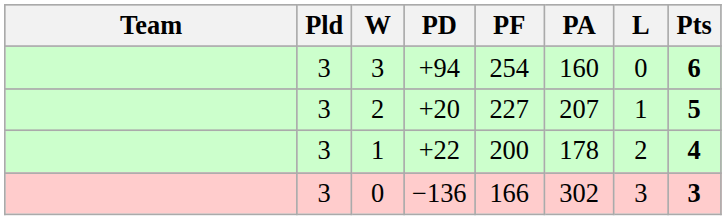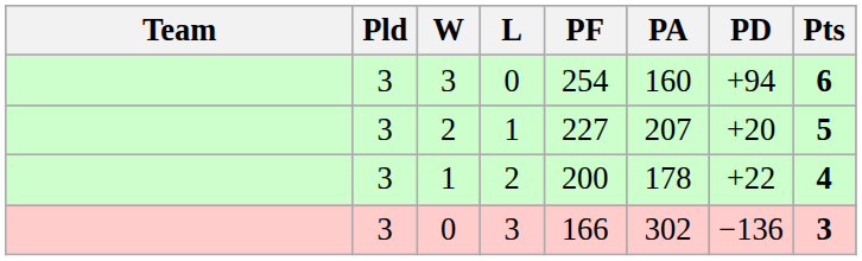 <table class="wikitable" style="text-align:center;">
 <tr>
 <th width=170>Team</th>
 <th width=25>Pld</th>
 <th width=25>W</th>
-<th width=35>PD</th>
+<th width=25>L</th>
 <th width=35>PF</th>
 <th width=35>PA</th>
-<th width=25>L</th>
+<th width=35>PD</th>
 <th width=25>Pts</th>
 </tr>
 <tr style="background: #ccffcc;">
 <td align="left"></td>
 <td>3</td>
 <td>3</td>
-<td>+94</td>
+<td>0</td>
 <td>254</td>
 <td>160</td>
-<td>0</td>
+<td>+94</td>
 <td><strong>6</strong></td>
 </tr>
 <tr style="background: #ccffcc;">
 <td align="left"></td>
 <td>3</td>
 <td>2</td>
-<td>+20</td>
+<td>1</td>
 <td>227</td>
 <td>207</td>
-<td>1</td>
+<td>+20</td>
 <td><strong>5</strong></td>
 </tr>
 <tr style="background: #ccffcc;">
 <td align="left"></td>
 <td>3</td>
 <td>1</td>
-<td>+22</td>
+<td>2</td>
 <td>200</td>
 <td>178</td>
-<td>2</td>
+<td>+22</td>
 <td><strong>4</strong></td>
 </tr>
 <tr style="background: #ffcccc;">
 <td align="left"></td>
 <td>3</td>
 <td>0</td>
-<td>−136</td>
+<td>3</td>
 <td>166</td>
 <td>302</td>
-<td>3</td>
+<td>−136</td>
 <td><strong>3</strong></td>
 </tr>
 </table>
